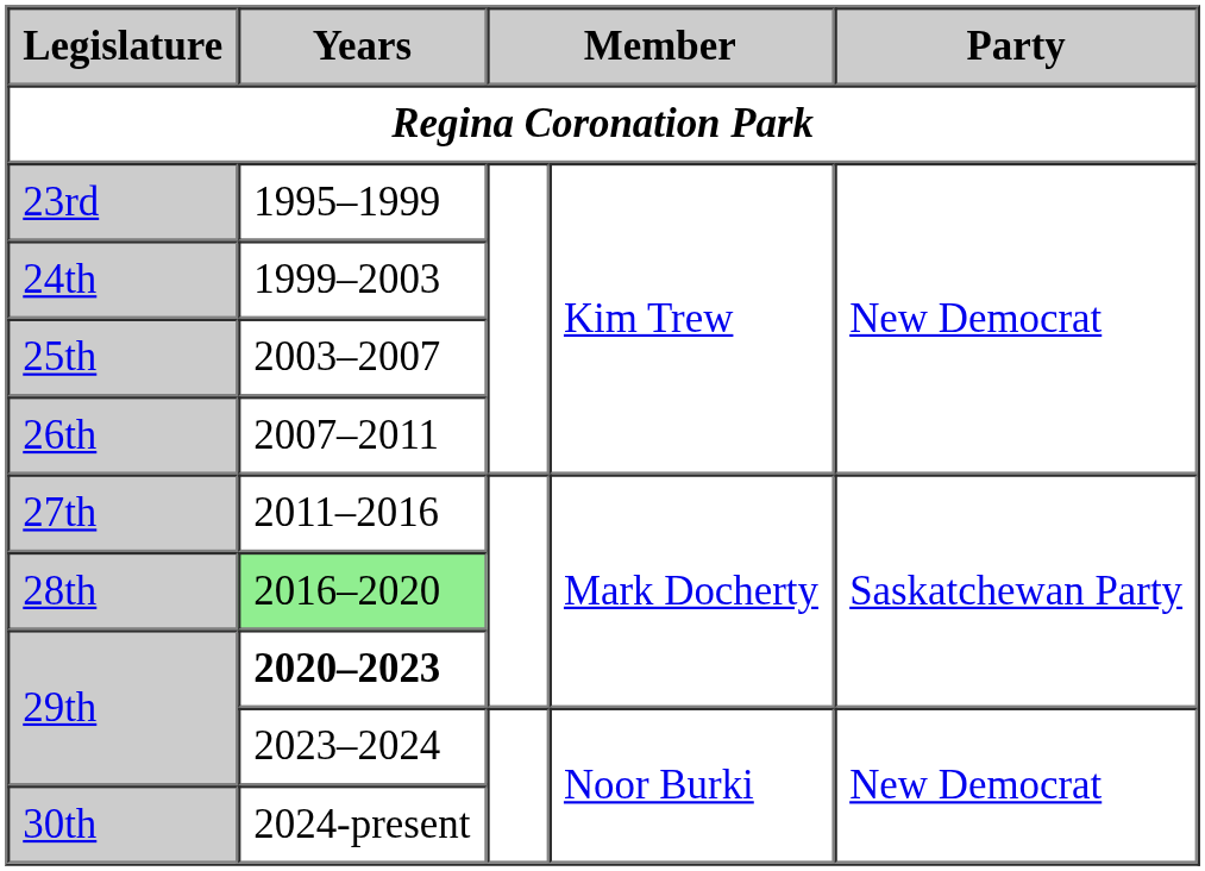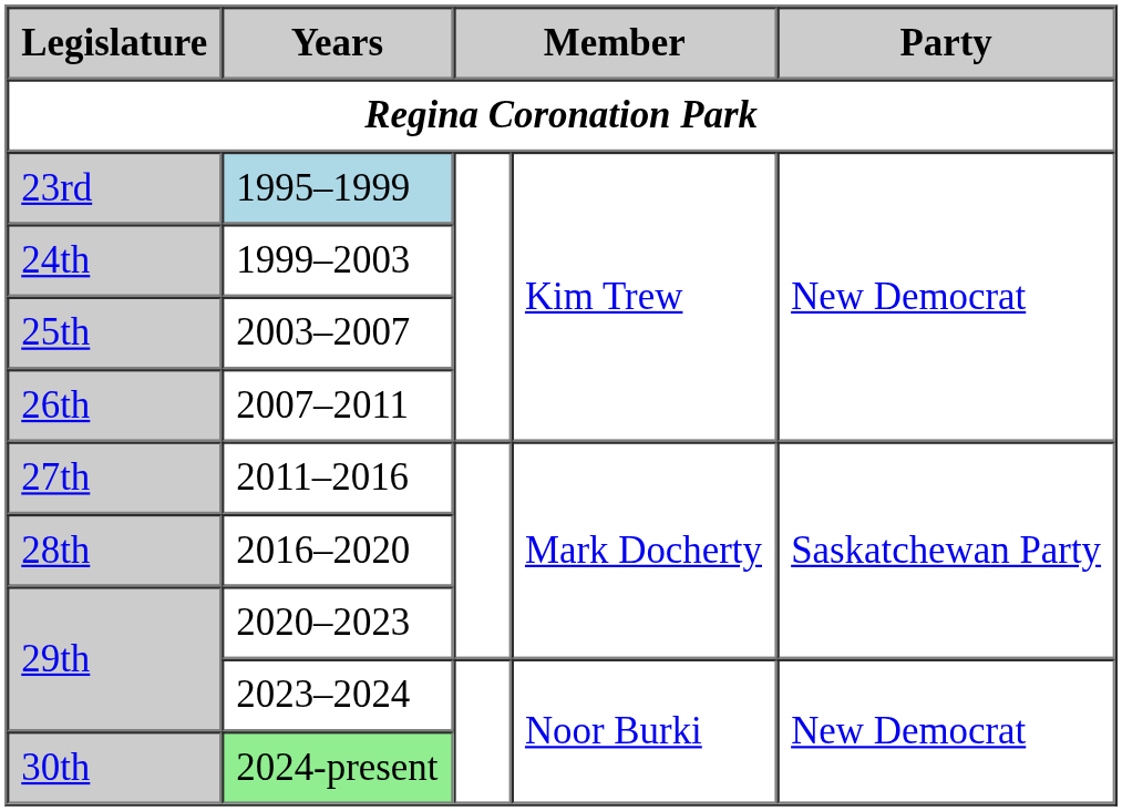 <table border=1 cellpadding=5 cellspacing=0>
 <tr bgcolor="CCCCCC">
 <th>Legislature</th>
 <th>Years</th>
 <th colspan="2">Member</th>
 <th>Party</th>
 </tr>
 <tr>
 <td colspan="5" align="center"><strong><em>Regina Coronation Park</em></strong></td>
 </tr>
 <tr>
 <td bgcolor="CCCCCC"><a href='#'>23rd</a></td>
-<td>1995–1999</td>
+<td style="background: lightblue;">1995–1999</td>
 <td rowspan="4" >   </td>
 <td rowspan="4"><a href='#'>Kim Trew</a></td>
 <td rowspan="4"><a href='#'>New Democrat</a></td>
 </tr>
 <tr>
 <td bgcolor="CCCCCC"><a href='#'>24th</a></td>
 <td>1999–2003</td>
 </tr>
 <tr>
 <td bgcolor="CCCCCC"><a href='#'>25th</a></td>
 <td>2003–2007</td>
 </tr>
 <tr>
 <td bgcolor="CCCCCC"><a href='#'>26th</a></td>
 <td>2007–2011</td>
 </tr>
 <tr>
 <td bgcolor="CCCCCC"><a href='#'>27th</a></td>
 <td>2011–2016</td>
 <td rowspan="3" >   </td>
 <td rowspan="3"><a href='#'>Mark Docherty</a></td>
 <td rowspan="3"><a href='#'>Saskatchewan Party</a></td>
 </tr>
 <tr>
 <td bgcolor="CCCCCC"><a href='#'>28th</a></td>
-<td style="background: lightgreen;">2016–2020</td>
+<td>2016–2020</td>
 </tr>
 <tr>
 <td bgcolor="CCCCCC" rowspan="2"><a href='#'>29th</a></td>
-<td><strong>2020–2023</strong></td>
+<td>2020–2023</td>
 </tr>
 <tr>
 <td>2023–2024</td>
 <td rowspan="2" >   </td>
 <td rowspan="2"><a href='#'>Noor Burki</a></td>
 <td rowspan="2"><a href='#'>New Democrat</a></td>
 </tr>
 <tr>
 <td bgcolor="CCCCCC"><a href='#'>30th</a></td>
-<td>2024-present</td>
+<td style="background: lightgreen;">2024-present</td>
 </tr>
 </table>
